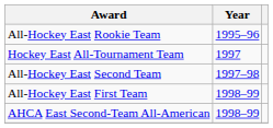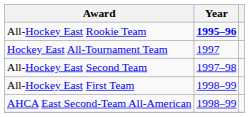 <table class="wikitable">
 <tr>
 <th>Award</th>
 <th>Year</th>
 <th></th>
 </tr>
 <tr>
 <td>All-<a href='#'>Hockey East</a> <a href='#'>Rookie Team</a></td>
-<td><a href='#'>1995–96</a></td>
+<td><strong><a href='#'>1995–96</a></strong></td>
 <td></td>
 </tr>
 <tr>
 <td><a href='#'>Hockey East</a> <a href='#'>All-Tournament Team</a></td>
 <td><a href='#'>1997</a></td>
 <td></td>
 </tr>
 <tr>
 <td>All-<a href='#'>Hockey East</a> <a href='#'>Second Team</a></td>
 <td><a href='#'>1997–98</a></td>
 <td></td>
 </tr>
 <tr>
 <td>All-<a href='#'>Hockey East</a> <a href='#'>First Team</a></td>
 <td><a href='#'>1998–99</a></td>
 <td></td>
 </tr>
 <tr>
 <td><a href='#'>AHCA</a> <a href='#'>East Second-Team All-American</a></td>
 <td><a href='#'>1998–99</a></td>
 <td></td>
 </tr>
 <tr>
 </tr>
 </table>
